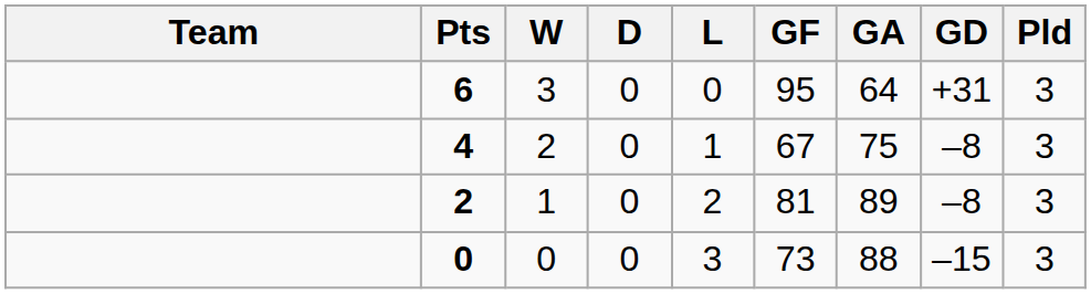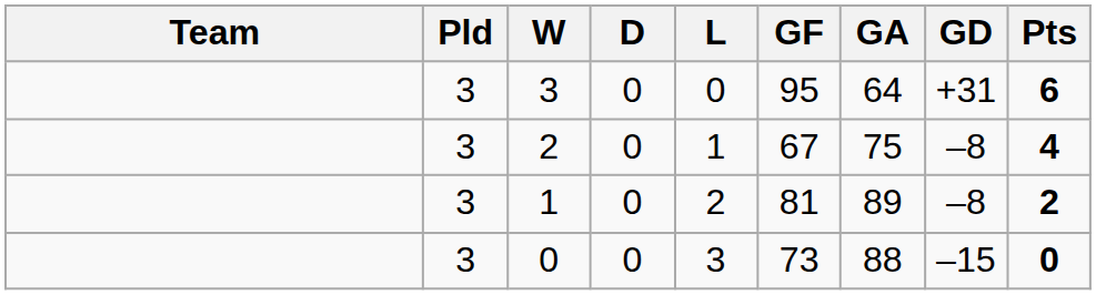 <table class="wikitable" style="text-align: center;">
 <tr>
 <th width="180">Team</th>
-<th width="30">Pts</th>
+<th width="30">Pld</th>
 <th width="30">W</th>
 <th width="30">D</th>
 <th width="30">L</th>
 <th width="30">GF</th>
 <th width="30">GA</th>
 <th width="30">GD</th>
-<th width="30">Pld</th>
+<th width="30">Pts</th>
 </tr>
 <tr>
 <td align="left"></td>
-<td><strong>6</strong></td>
+<td>3</td>
 <td>3</td>
 <td>0</td>
 <td>0</td>
 <td>95</td>
 <td>64</td>
 <td>+31</td>
-<td>3</td>
+<td><strong>6</strong></td>
 </tr>
 <tr>
 <td align="left"></td>
-<td><strong>4</strong></td>
+<td>3</td>
 <td>2</td>
 <td>0</td>
 <td>1</td>
 <td>67</td>
 <td>75</td>
 <td>–8</td>
-<td>3</td>
+<td><strong>4</strong></td>
 </tr>
 <tr>
 <td align="left"></td>
-<td><strong>2</strong></td>
+<td>3</td>
 <td>1</td>
 <td>0</td>
 <td>2</td>
 <td>81</td>
 <td>89</td>
 <td>–8</td>
-<td>3</td>
+<td><strong>2</strong></td>
 </tr>
 <tr>
 <td align="left"></td>
-<td><strong>0</strong></td>
+<td>3</td>
 <td>0</td>
 <td>0</td>
 <td>3</td>
 <td>73</td>
 <td>88</td>
 <td>–15</td>
-<td>3</td>
+<td><strong>0</strong></td>
 </tr>
 </table>
